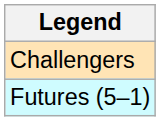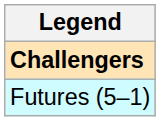 <table class="wikitable">
 <tr>
 <th>Legend</th>
 </tr>
 <tr bgcolor="moccasin">
-<td>Challengers</td>
+<td><strong>Challengers</strong></td>
 </tr>
 <tr bgcolor="CFFCFF">
 <td>Futures (5–1)</td>
 </tr>
 </table>
